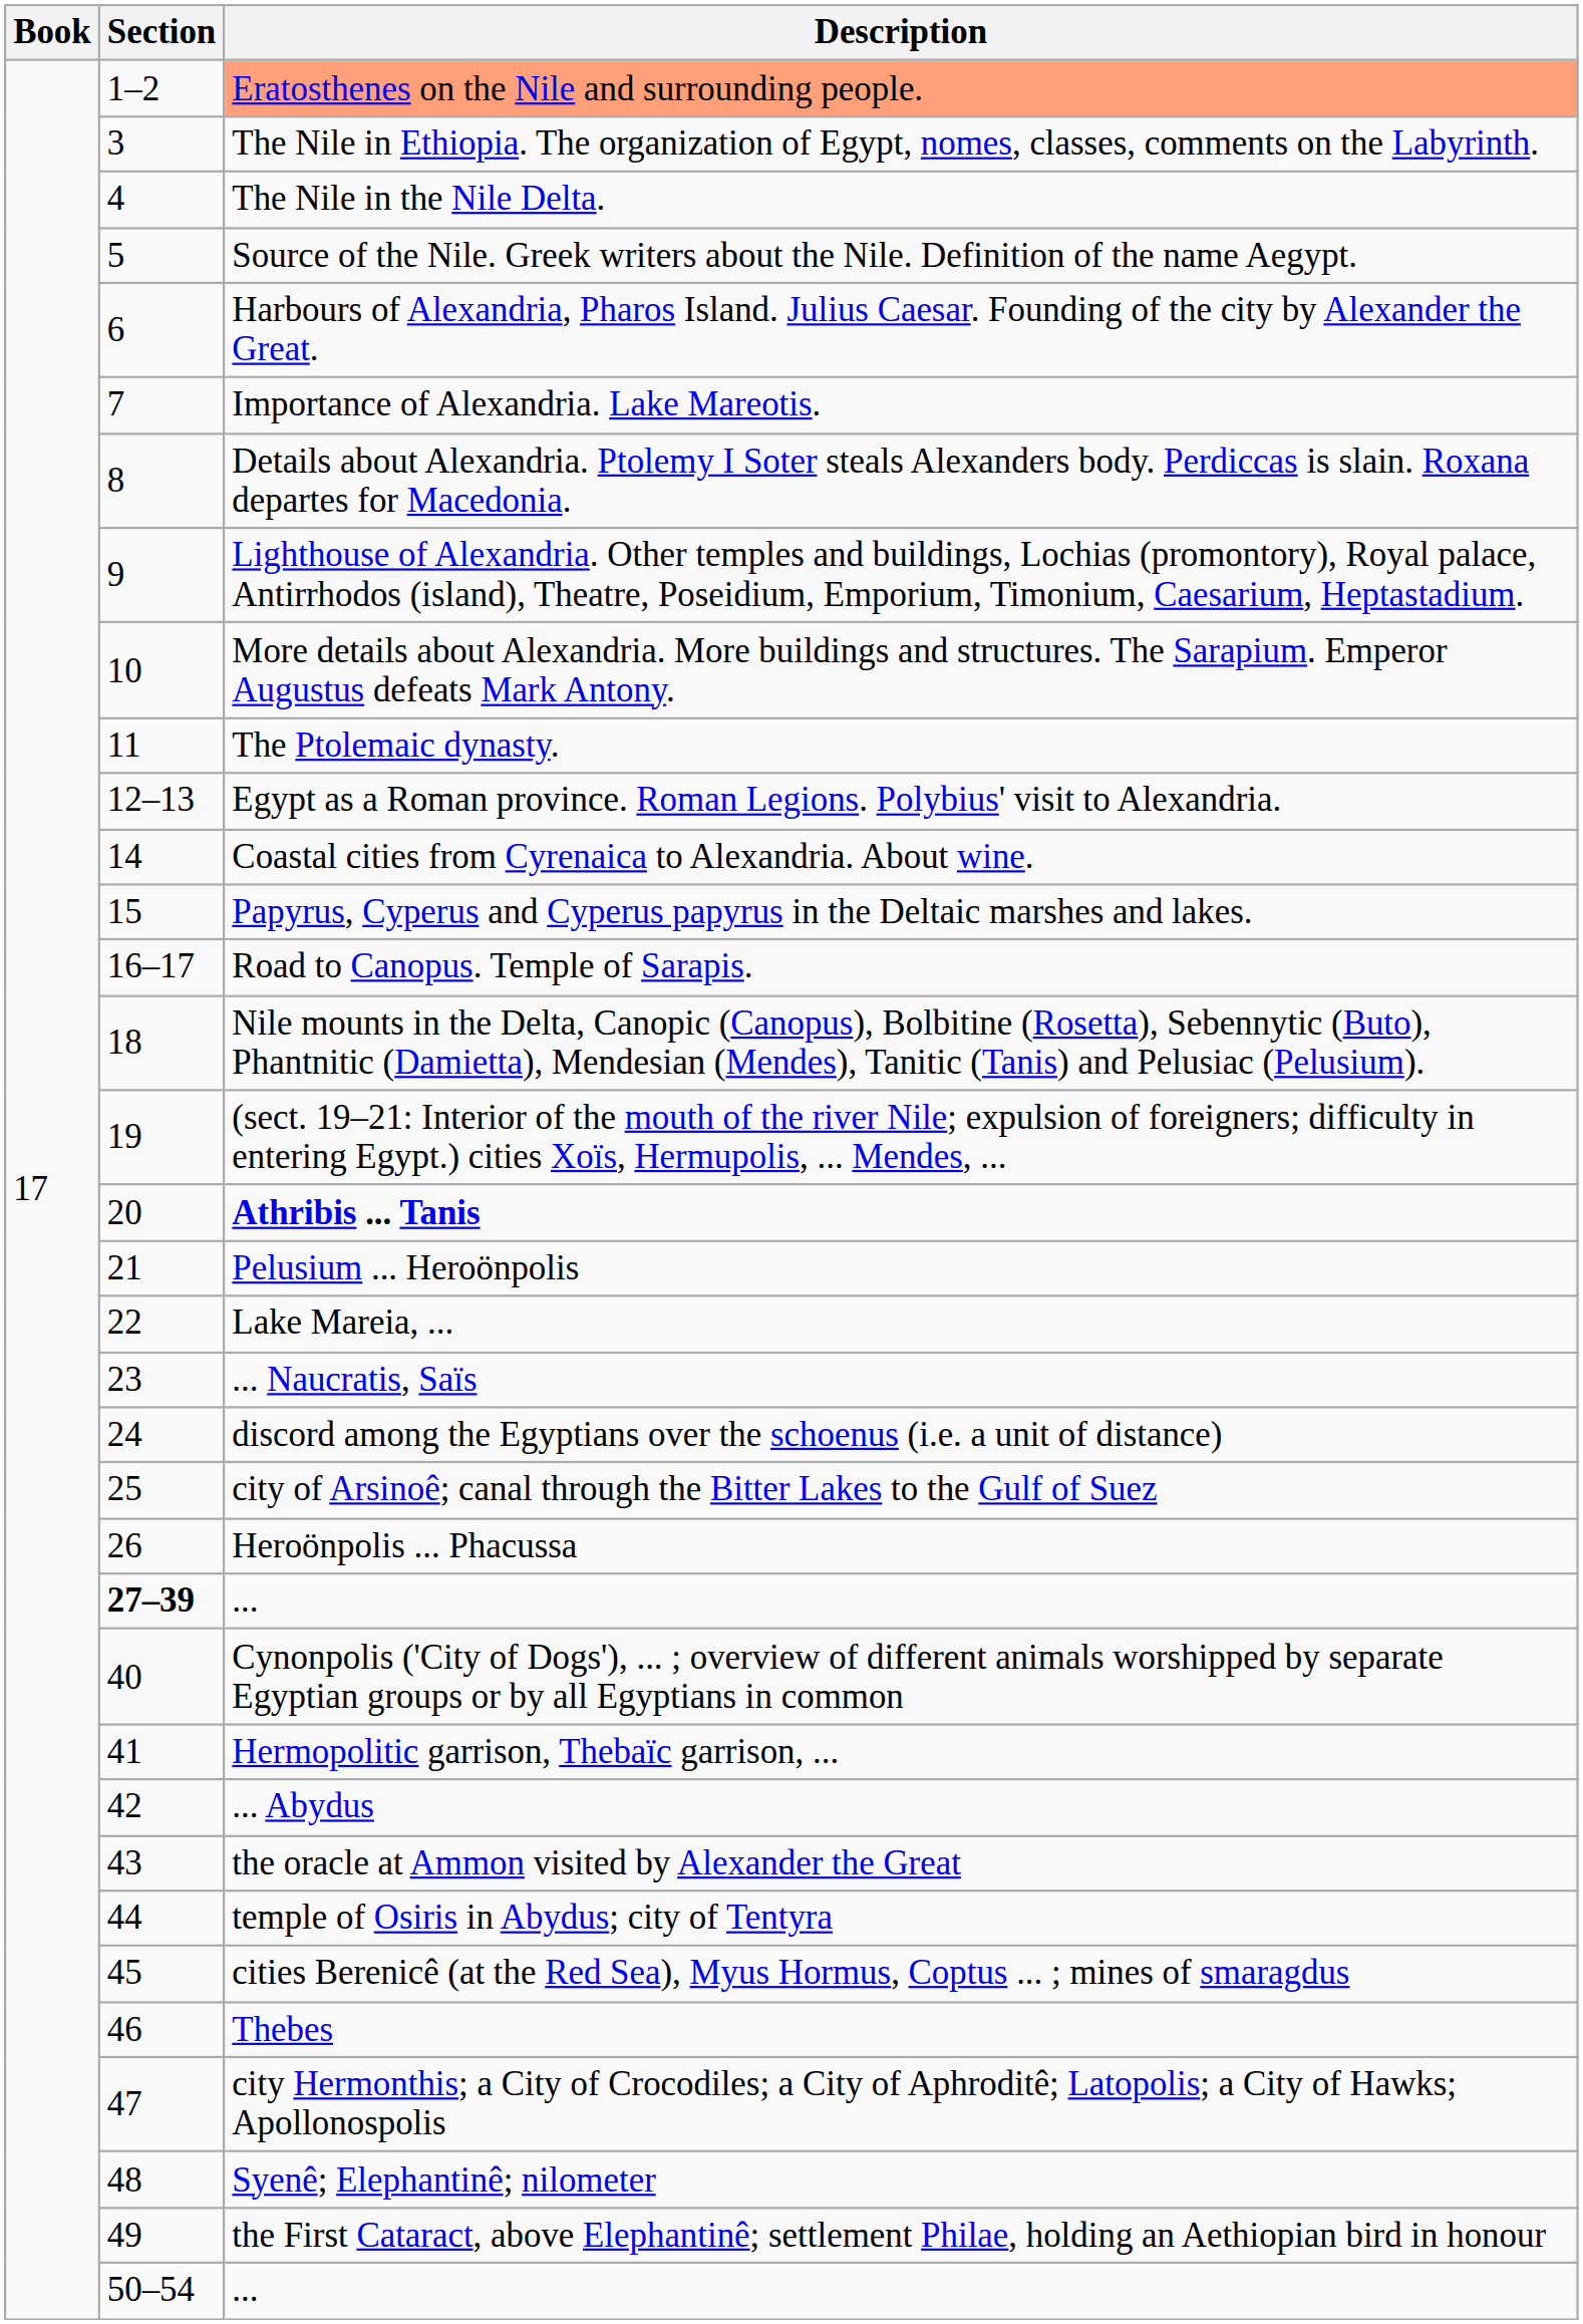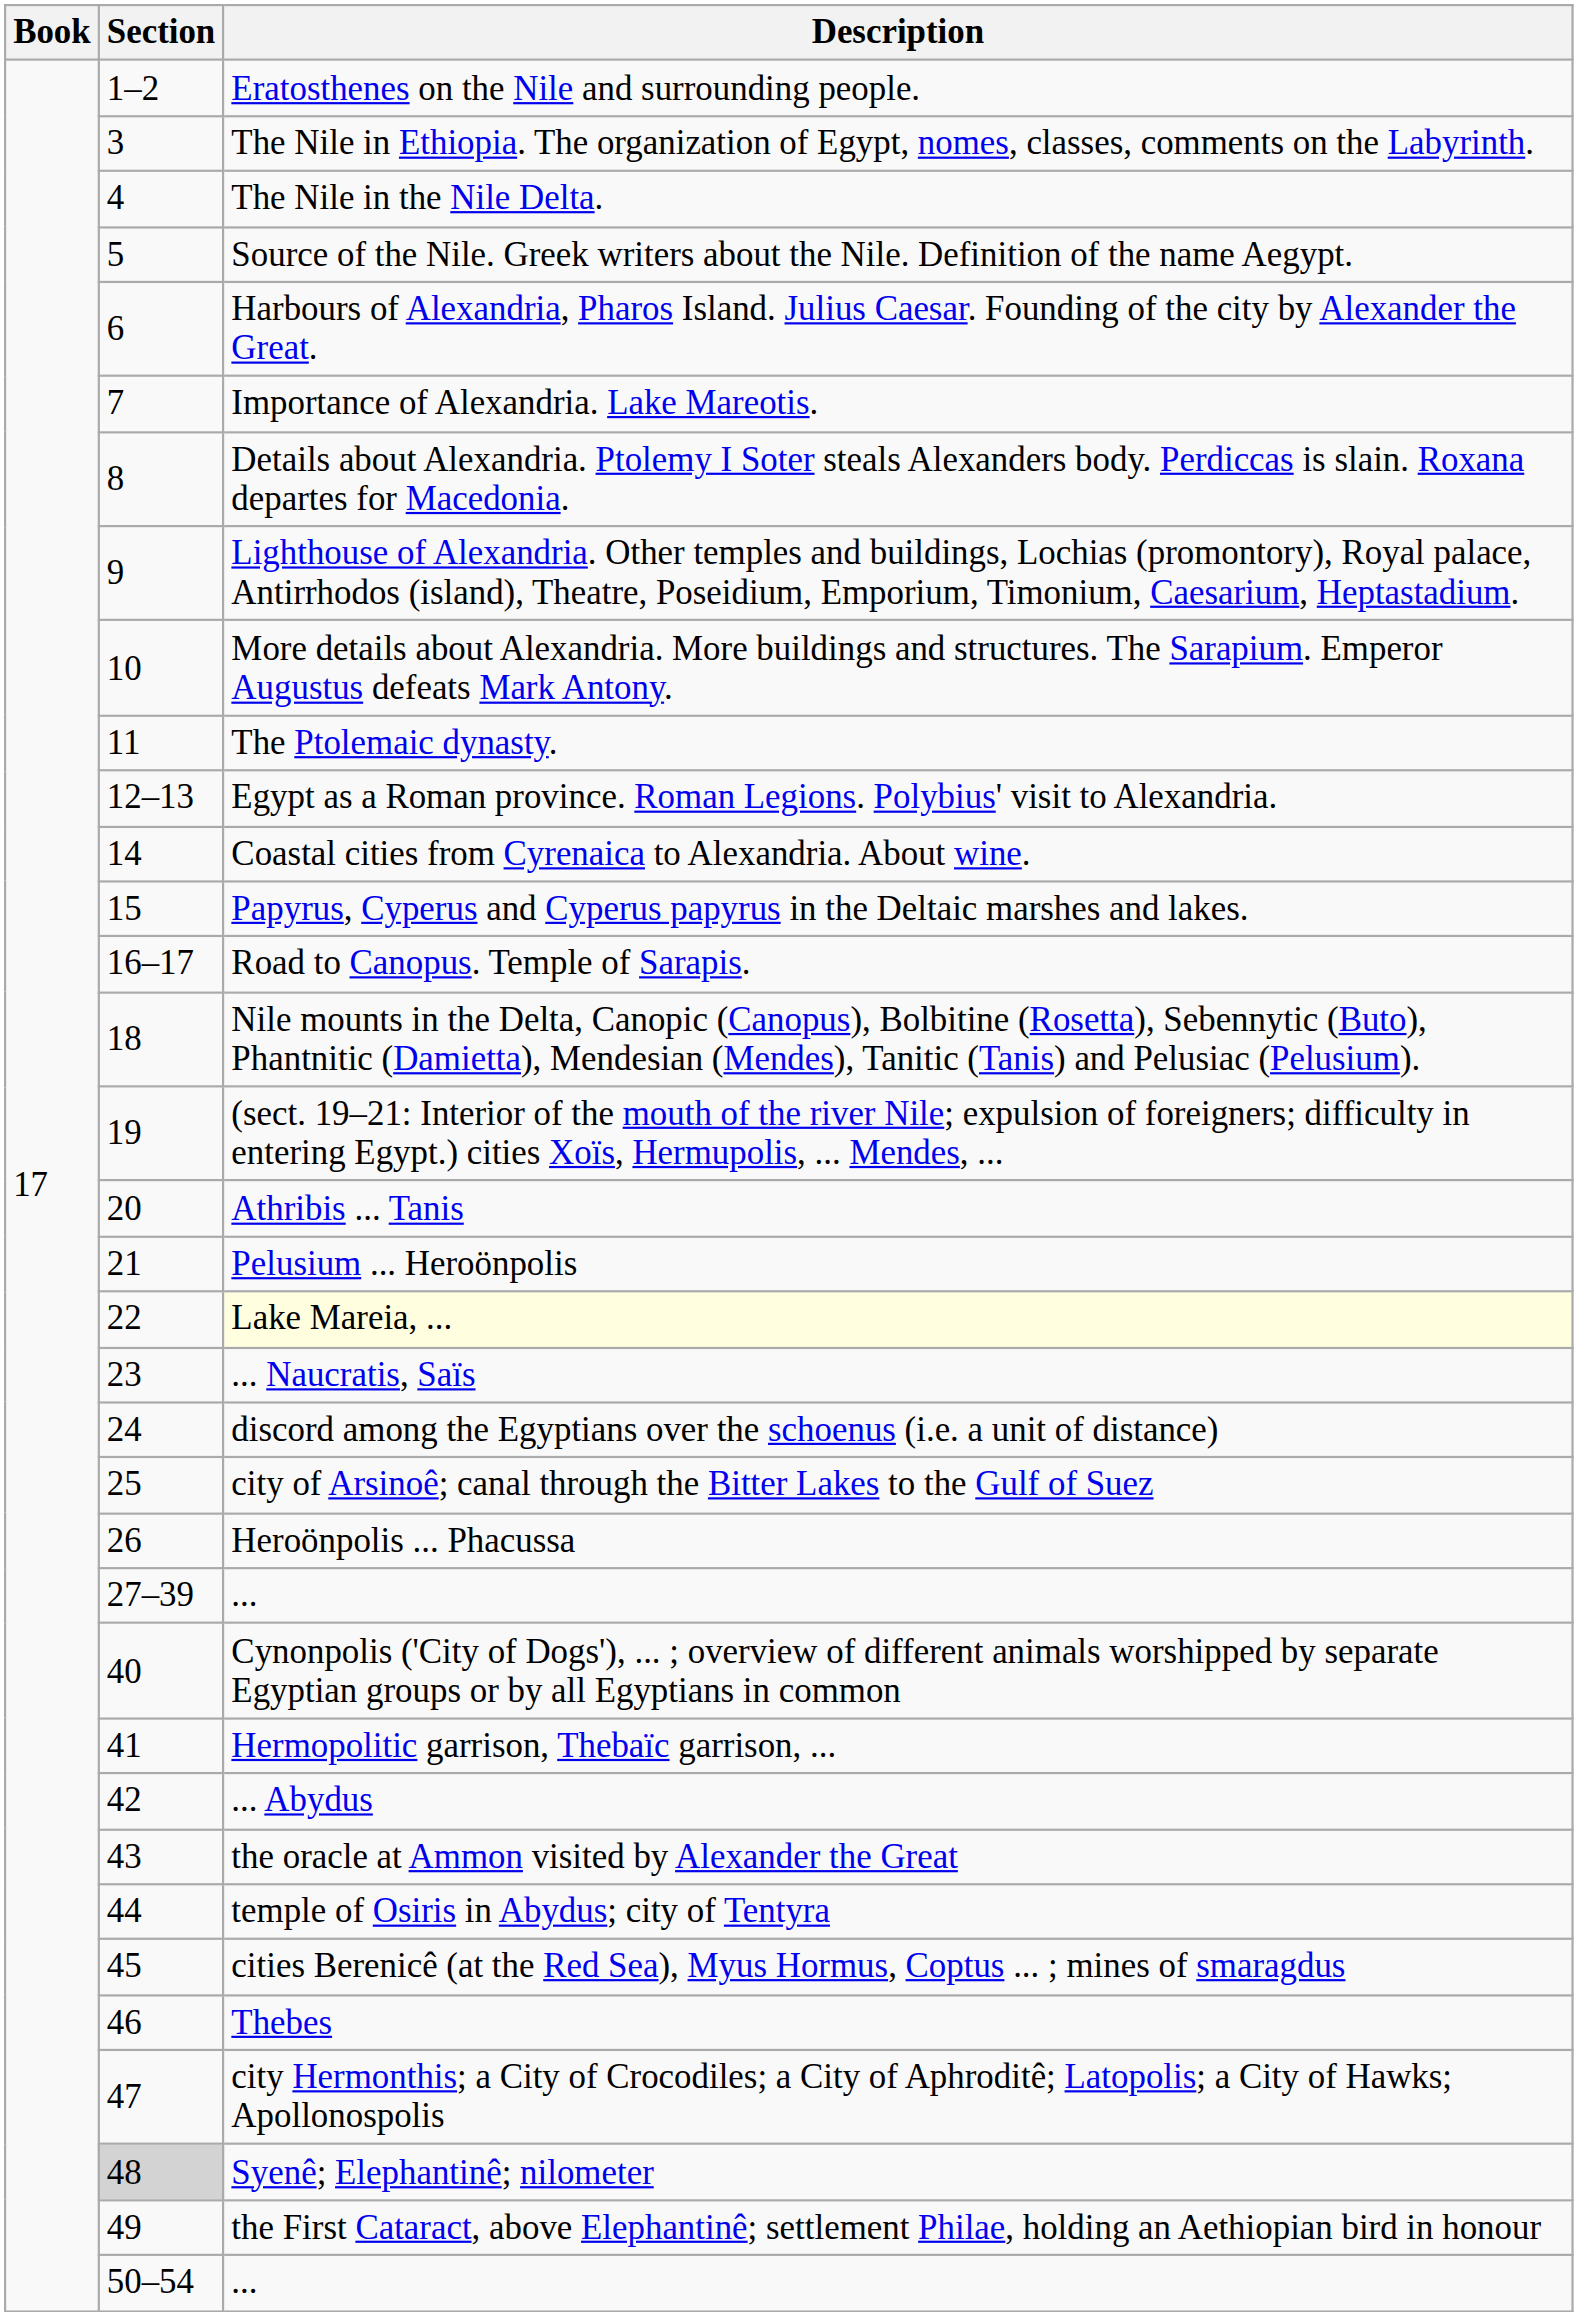 <table class="wikitable" style="max-width:45em;">
 <tr>
 <th>Book</th>
 <th>Section</th>
 <th>Description</th>
 </tr>
 <tr>
 <td rowspan="35">17</td>
 <td>1–2</td>
-<td style="background: lightsalmon;"><a href='#'>Eratosthenes</a> on the <a href='#'>Nile</a> and surrounding people.</td>
+<td><a href='#'>Eratosthenes</a> on the <a href='#'>Nile</a> and surrounding people.</td>
 </tr>
 <tr>
 <td>3</td>
 <td>The Nile in <a href='#'>Ethiopia</a>. The organization of Egypt, <a href='#'>nomes</a>, classes, comments on the <a href='#'>Labyrinth</a>.</td>
 </tr>
 <tr>
 <td>4</td>
 <td>The Nile in the <a href='#'>Nile Delta</a>.</td>
 </tr>
 <tr>
 <td>5</td>
 <td>Source of the Nile. Greek writers about the Nile. Definition of the name Aegypt.</td>
 </tr>
 <tr>
 <td>6</td>
 <td>Harbours of <a href='#'>Alexandria</a>, <a href='#'>Pharos</a> Island. <a href='#'>Julius Caesar</a>. Founding of the city by <a href='#'>Alexander the Great</a>.</td>
 </tr>
 <tr>
 <td>7</td>
 <td>Importance of Alexandria. <a href='#'>Lake Mareotis</a>.</td>
 </tr>
 <tr>
 <td>8</td>
 <td>Details about Alexandria. <a href='#'>Ptolemy I Soter</a> steals Alexanders body. <a href='#'>Perdiccas</a> is slain. <a href='#'>Roxana</a> departes for <a href='#'>Macedonia</a>.</td>
 </tr>
 <tr>
 <td>9</td>
 <td><a href='#'>Lighthouse of Alexandria</a>. Other temples and buildings, Lochias (promontory), Royal palace, Antirrhodos (island), Theatre, Poseidium, Emporium, Timonium, <a href='#'>Caesarium</a>, <a href='#'>Heptastadium</a>.</td>
 </tr>
 <tr>
 <td>10</td>
 <td>More details about Alexandria. More buildings and structures. The <a href='#'>Sarapium</a>. Emperor <a href='#'>Augustus</a> defeats <a href='#'>Mark Antony</a>.</td>
 </tr>
 <tr>
 <td>11</td>
 <td>The <a href='#'>Ptolemaic dynasty</a>.</td>
 </tr>
 <tr>
 <td>12–13</td>
 <td>Egypt as a Roman province. <a href='#'>Roman Legions</a>. <a href='#'>Polybius</a>' visit to Alexandria.</td>
 </tr>
 <tr>
 <td>14</td>
 <td>Coastal cities from <a href='#'>Cyrenaica</a> to Alexandria. About <a href='#'>wine</a>.</td>
 </tr>
 <tr>
 <td>15</td>
 <td><a href='#'>Papyrus</a>, <a href='#'>Cyperus</a> and <a href='#'>Cyperus papyrus</a> in the Deltaic marshes and lakes.</td>
 </tr>
 <tr>
 <td>16–17</td>
 <td>Road to <a href='#'>Canopus</a>. Temple of <a href='#'>Sarapis</a>.</td>
 </tr>
 <tr>
 <td>18</td>
 <td>Nile mounts in the Delta, Canopic (<a href='#'>Canopus</a>), Bolbitine (<a href='#'>Rosetta</a>), Sebennytic (<a href='#'>Buto</a>), Phantnitic (<a href='#'>Damietta</a>), Mendesian (<a href='#'>Mendes</a>), Tanitic (<a href='#'>Tanis</a>) and Pelusiac (<a href='#'>Pelusium</a>).</td>
 </tr>
 <tr>
 <td>19</td>
 <td>(sect. 19–21: Interior of the <a href='#'>mouth of the river Nile</a>; expulsion of foreigners; difficulty in entering Egypt.) cities  <a href='#'>Xoïs</a>, <a href='#'>Hermupolis</a>, ... <a href='#'>Mendes</a>, ...</td>
 </tr>
 <tr>
 <td>20</td>
-<td><strong><a href='#'>Athribis</a> ... <a href='#'>Tanis</a></strong></td>
+<td><a href='#'>Athribis</a> ... <a href='#'>Tanis</a></td>
 </tr>
 <tr>
 <td>21</td>
 <td><a href='#'>Pelusium</a> ... Heroönpolis</td>
 </tr>
 <tr>
 <td>22</td>
-<td>Lake Mareia, ...</td>
+<td style="background: lightyellow;">Lake Mareia, ...</td>
 </tr>
 <tr>
 <td>23</td>
 <td>... <a href='#'>Naucratis</a>, <a href='#'>Saïs</a></td>
 </tr>
 <tr>
 <td>24</td>
 <td>discord among the Egyptians over the <a href='#'>schoenus</a> (i.e. a unit of distance)</td>
 </tr>
 <tr>
 <td>25</td>
 <td>city of <a href='#'>Arsinoê</a>; canal through the <a href='#'>Bitter Lakes</a> to the <a href='#'>Gulf of Suez</a></td>
 </tr>
 <tr>
 <td>26</td>
 <td>Heroönpolis ... Phacussa</td>
 </tr>
 <tr>
-<td><strong>27–39</strong></td>
+<td>27–39</td>
 <td>...</td>
 </tr>
 <tr>
 <td>40</td>
 <td>Cynonpolis ('City of Dogs'), ... ; overview of different animals worshipped by separate Egyptian groups or by all Egyptians in common</td>
 </tr>
 <tr>
 <td>41</td>
 <td><a href='#'>Hermopolitic</a> garrison, <a href='#'>Thebaïc</a> garrison, ...</td>
 </tr>
 <tr>
 <td>42</td>
 <td>... <a href='#'>Abydus</a></td>
 </tr>
 <tr>
 <td>43</td>
 <td>the oracle at <a href='#'>Ammon</a> visited by <a href='#'>Alexander the Great</a></td>
 </tr>
 <tr>
 <td>44</td>
 <td>temple of <a href='#'>Osiris</a> in <a href='#'>Abydus</a>; city of <a href='#'>Tentyra</a></td>
 </tr>
 <tr>
 <td>45</td>
 <td>cities Berenicê (at the <a href='#'>Red Sea</a>), <a href='#'>Myus Hormus</a>, <a href='#'>Coptus</a> ... ; mines of <a href='#'>smaragdus</a></td>
 </tr>
 <tr>
 <td>46</td>
 <td><a href='#'>Thebes</a></td>
 </tr>
 <tr>
 <td>47</td>
 <td>city <a href='#'>Hermonthis</a>; a City of Crocodiles; a City of Aphroditê; <a href='#'>Latopolis</a>; a City of Hawks; Apollonospolis</td>
 </tr>
 <tr>
-<td>48</td>
+<td style="background: lightgrey;">48</td>
 <td><a href='#'>Syenê</a>; <a href='#'>Elephantinê</a>; <a href='#'>nilometer</a></td>
 </tr>
 <tr>
 <td>49</td>
 <td>the First <a href='#'>Cataract</a>, above <a href='#'>Elephantinê</a>; settlement <a href='#'>Philae</a>, holding an Aethiopian bird in honour</td>
 </tr>
 <tr>
 <td>50–54</td>
 <td>...</td>
 </tr>
 </table>
